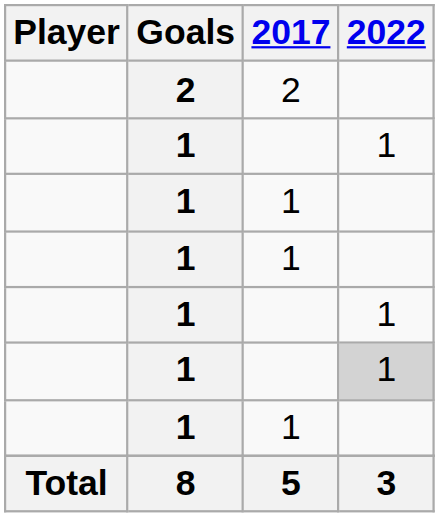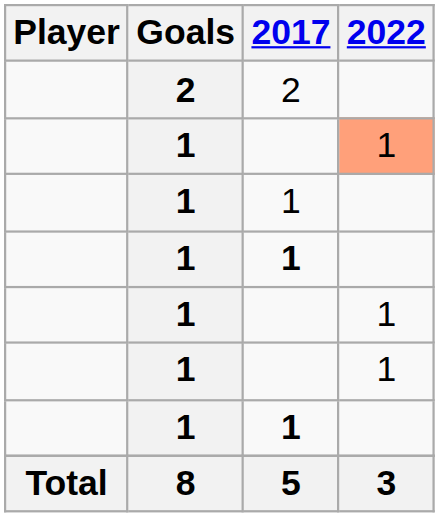 <table class="wikitable sortable" style="text-align:center;">
 <tr>
 <th>Player</th>
 <th>Goals</th>
 <th><a href='#'>2017</a></th>
 <th><a href='#'>2022</a></th>
 </tr>
 <tr>
 <td align="left"></td>
 <th>2</th>
 <td>2</td>
 <td></td>
 </tr>
 <tr>
 <td align="left"></td>
 <th>1</th>
 <td></td>
-<td>1</td>
+<td style="background: lightsalmon;">1</td>
 </tr>
 <tr>
 <td align="left"></td>
 <th>1</th>
 <td>1</td>
 <td></td>
 </tr>
 <tr>
 <td align="left"></td>
 <th>1</th>
-<td>1</td>
+<td><strong>1</strong></td>
 <td></td>
 </tr>
 <tr>
 <td align="left"></td>
 <th>1</th>
 <td></td>
 <td>1</td>
 </tr>
 <tr>
 <td align="left"></td>
 <th>1</th>
 <td></td>
-<td style="background: lightgrey;">1</td>
+<td>1</td>
 </tr>
 <tr>
 <td align="left"></td>
 <th>1</th>
-<td>1</td>
+<td><strong>1</strong></td>
 <td></td>
 </tr>
 <tr>
 </tr>
 <tr class="sortbottom">
 <th>Total</th>
 <th>8</th>
 <th>5</th>
 <th>3</th>
 </tr>
 </table>
